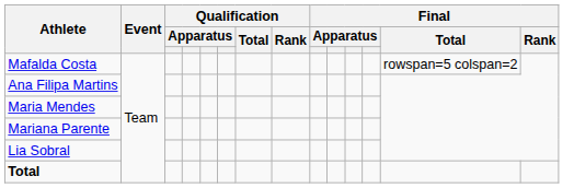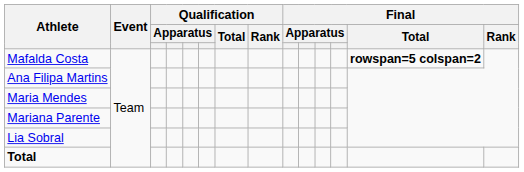 <table class="wikitable" style="font-size:90%">
 <tr>
 <th rowspan=3>Athlete</th>
 <th rowspan=3>Event</th>
 <th colspan=6>Qualification</th>
 <th colspan=6>Final</th>
 </tr>
 <tr style="font-size:95%">
 <th colspan=4>Apparatus</th>
 <th rowspan=2>Total</th>
 <th rowspan=2>Rank</th>
 <th colspan=4>Apparatus</th>
 <th rowspan=2>Total</th>
 <th rowspan=2>Rank</th>
 </tr>
 <tr style="font-size:95%">
 <th></th>
 <th></th>
 <th></th>
 <th></th>
 <th></th>
 <th></th>
 <th></th>
 <th></th>
 </tr>
 <tr align=center>
 <td align=left><a href='#'>Mafalda Costa</a></td>
 <td align=left rowspan=6>Team</td>
 <td></td>
 <td></td>
 <td></td>
 <td></td>
 <td></td>
 <td></td>
 <td></td>
 <td></td>
 <td></td>
 <td></td>
-<td>rowspan=5 colspan=2</td>
+<td><strong>rowspan=5 colspan=2</strong></td>
 </tr>
 <tr align=center>
 <td align=left><a href='#'>Ana Filipa Martins</a></td>
 <td></td>
 <td></td>
 <td></td>
 <td></td>
 <td></td>
 <td></td>
 <td></td>
 <td></td>
 <td></td>
 <td></td>
 </tr>
 <tr align=center>
 <td align=left><a href='#'>Maria Mendes</a></td>
 <td></td>
 <td></td>
 <td></td>
 <td></td>
 <td></td>
 <td></td>
 <td></td>
 <td></td>
 <td></td>
 <td></td>
 </tr>
 <tr align=center>
 <td align=left><a href='#'>Mariana Parente</a></td>
 <td></td>
 <td></td>
 <td></td>
 <td></td>
 <td></td>
 <td></td>
 <td></td>
 <td></td>
 <td></td>
 <td></td>
 </tr>
 <tr align=center>
 <td align=left><a href='#'>Lia Sobral</a></td>
 <td></td>
 <td></td>
 <td></td>
 <td></td>
 <td></td>
 <td></td>
 <td></td>
 <td></td>
 <td></td>
 <td></td>
 </tr>
 <tr align=center>
 <td align=left><strong>Total</strong></td>
 <td></td>
 <td></td>
 <td></td>
 <td></td>
 <td></td>
 <td></td>
 <td></td>
 <td></td>
 <td></td>
 <td></td>
 <td></td>
 <td></td>
 </tr>
 </table>
